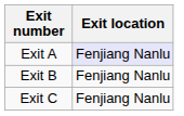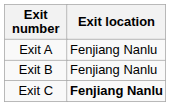 <table class="wikitable">
 <tr>
 <th style="width:70px" colspan="2">Exit number</th>
 <th>Exit location</th>
 </tr>
 <tr>
 <td align="center" colspan="2">Exit A</td>
-<td style="background: lavender;">Fenjiang Nanlu</td>
+<td>Fenjiang Nanlu</td>
 </tr>
 <tr>
 <td align="center" colspan="2">Exit B</td>
 <td>Fenjiang Nanlu</td>
 </tr>
 <tr>
 <td align="center" colspan="2">Exit C</td>
-<td>Fenjiang Nanlu</td>
+<td><strong>Fenjiang Nanlu</strong></td>
 </tr>
 </table>
